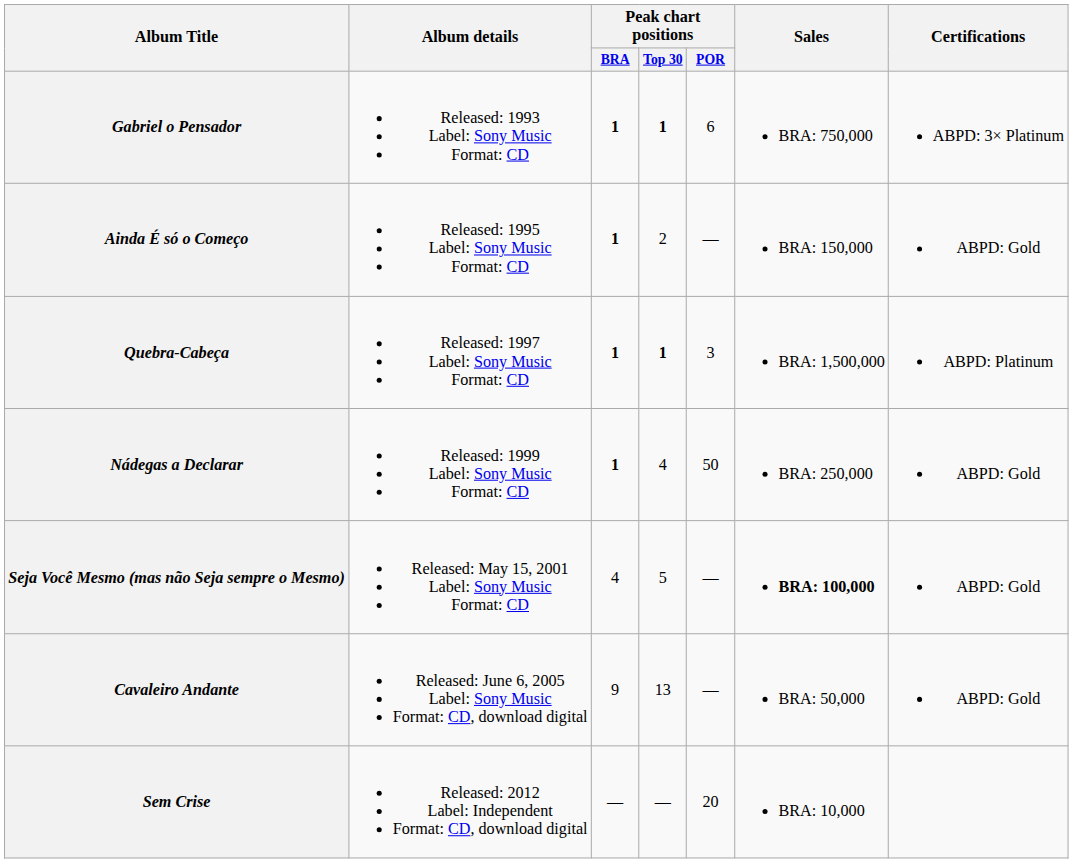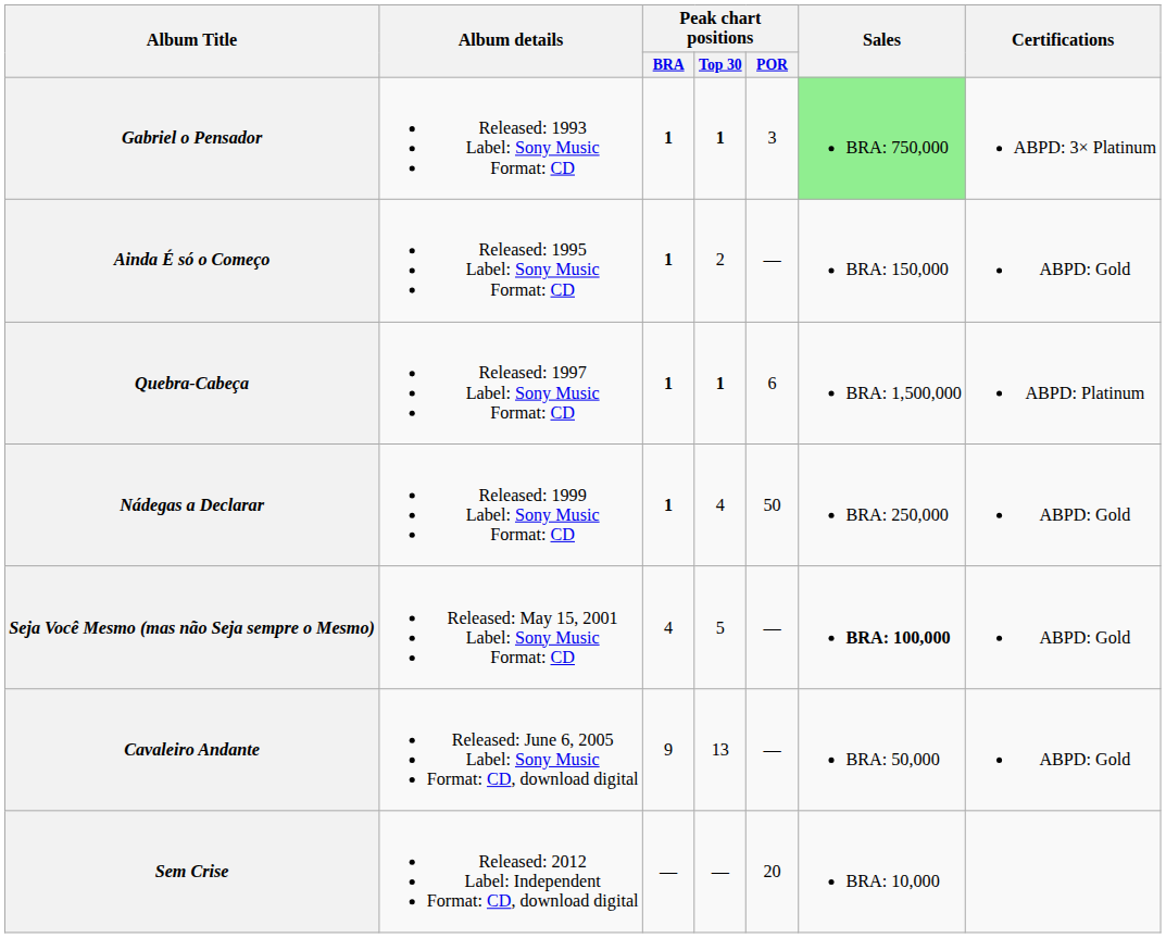 <table class="wikitable plainrowheaders" style="text-align:center;" border="1">
 <tr>
 <th scope="col" rowspan="2">Album Title</th>
 <th scope="col" rowspan="2">Album details</th>
 <th scope="col" colspan="3">Peak chart positions</th>
 <th scope="col" rowspan="2">Sales</th>
 <th scope="col" rowspan="2">Certifications</th>
 </tr>
 <tr>
 <th scope="col" style="width:3em;font-size:85%;"><a href='#'>BRA</a><br></th>
 <th scope="col" style="width:3em;font-size:85%;"><a href='#'>Top 30</a><br></th>
 <th scope="col" style="width:3em;font-size:85%;"><a href='#'>POR</a></th>
 </tr>
 <tr>
 <th scope="row"><em>Gabriel o Pensador</em></th>
 <td><br><ul><li>Released: 1993</li><li>Label: <a href='#'>Sony Music</a></li><li>Format: <a href='#'>CD</a></li></ul></td>
 <td><strong>1</strong></td>
 <td><strong>1</strong></td>
-<td>6</td>
-<td align="left"><br><ul><li>BRA: 750,000</li></ul></td>
+<td>3</td>
+<td align="left" style="background: lightgreen;"><br><ul><li>BRA: 750,000</li></ul></td>
 <td><br><ul><li>ABPD: 3× Platinum</li></ul></td>
 </tr>
 <tr>
 <th scope="row"><em>Ainda É só o Começo</em></th>
 <td><br><ul><li>Released: 1995</li><li>Label: <a href='#'>Sony Music</a></li><li>Format: <a href='#'>CD</a></li></ul></td>
 <td><strong>1</strong></td>
 <td>2</td>
 <td>—</td>
 <td align="left"><br><ul><li>BRA: 150,000</li></ul></td>
 <td><br><ul><li>ABPD: Gold</li></ul></td>
 </tr>
 <tr>
 <th scope="row"><em>Quebra-Cabeça</em></th>
 <td><br><ul><li>Released: 1997</li><li>Label: <a href='#'>Sony Music</a></li><li>Format: <a href='#'>CD</a></li></ul></td>
 <td><strong>1</strong></td>
 <td><strong>1</strong></td>
-<td>3</td>
+<td>6</td>
 <td align="left"><br><ul><li>BRA: 1,500,000</li></ul></td>
 <td><br><ul><li>ABPD: Platinum</li></ul></td>
 </tr>
 <tr>
 <th scope="row"><em>Nádegas a Declarar</em></th>
 <td><br><ul><li>Released: 1999</li><li>Label: <a href='#'>Sony Music</a></li><li>Format: <a href='#'>CD</a></li></ul></td>
 <td><strong>1</strong></td>
 <td>4</td>
 <td>50</td>
 <td align="left"><br><ul><li>BRA: 250,000</li></ul></td>
 <td><br><ul><li>ABPD: Gold</li></ul></td>
 </tr>
 <tr>
 <th scope="row"><em>Seja Você Mesmo (mas não Seja sempre o Mesmo)</em></th>
 <td><br><ul><li>Released: May 15, 2001</li><li>Label: <a href='#'>Sony Music</a></li><li>Format: <a href='#'>CD</a></li></ul></td>
 <td>4</td>
 <td>5</td>
 <td>—</td>
 <td align="left"><strong><br><ul><li>BRA: 100,000</li></ul></strong></td>
 <td><br><ul><li>ABPD: Gold</li></ul></td>
 </tr>
 <tr>
 <th scope="row"><em>Cavaleiro Andante</em></th>
 <td><br><ul><li>Released: June 6, 2005</li><li>Label: <a href='#'>Sony Music</a></li><li>Format: <a href='#'>CD</a>, download digital</li></ul></td>
 <td>9</td>
 <td>13</td>
 <td>—</td>
 <td align="left"><br><ul><li>BRA: 50,000</li></ul></td>
 <td><br><ul><li>ABPD: Gold</li></ul></td>
 </tr>
 <tr>
 <th scope="row"><em>Sem Crise</em></th>
 <td><br><ul><li>Released: 2012</li><li>Label: Independent</li><li>Format: <a href='#'>CD</a>, download digital</li></ul></td>
 <td>—</td>
 <td>—</td>
 <td>20</td>
 <td align="left"><br><ul><li>BRA: 10,000</li></ul></td>
 <td></td>
 </tr>
 </table>
